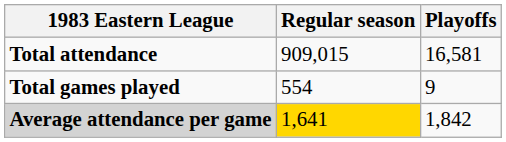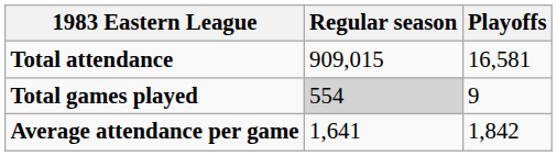 <table class="wikitable" border="1">
 <tr>
 <th>1983 Eastern League</th>
 <th>Regular season</th>
 <th>Playoffs</th>
 </tr>
 <tr>
 <td><strong>Total attendance</strong></td>
 <td>909,015</td>
 <td>16,581</td>
 </tr>
 <tr>
 <td><strong>Total games played</strong></td>
-<td>554</td>
+<td style="background: lightgrey;">554</td>
 <td>9</td>
 </tr>
 <tr>
-<td style="background: lightgrey;"><strong>Average attendance per game</strong></td>
-<td style="background: gold;">1,641</td>
+<td><strong>Average attendance per game</strong></td>
+<td>1,641</td>
 <td>1,842</td>
 </tr>
 </table>
